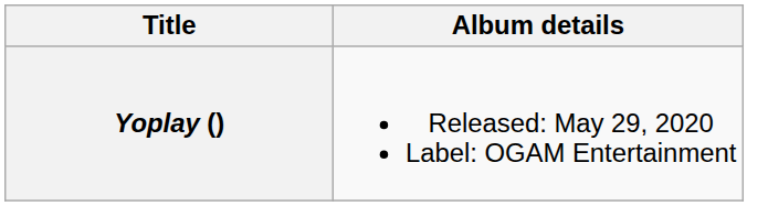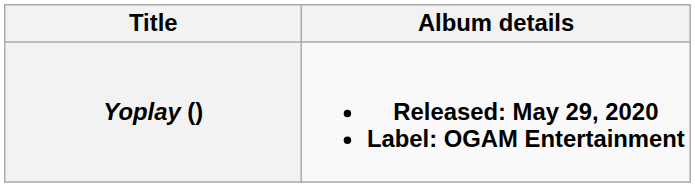 <table class="wikitable plainrowheaders" style="text-align:center;">
 <tr>
 <th scope="col" style="width:12em;">Title</th>
 <th scope="col">Album details</th>
 </tr>
 <tr>
 <th scope="row"><em>Yoplay</em> ()</th>
-<td><br><ul><li>Released: May 29, 2020</li><li>Label: OGAM Entertainment</li></ul></td>
+<td><strong><br><ul><li>Released: May 29, 2020</li><li>Label: OGAM Entertainment</li></ul></strong></td>
 </tr>
 </table>
